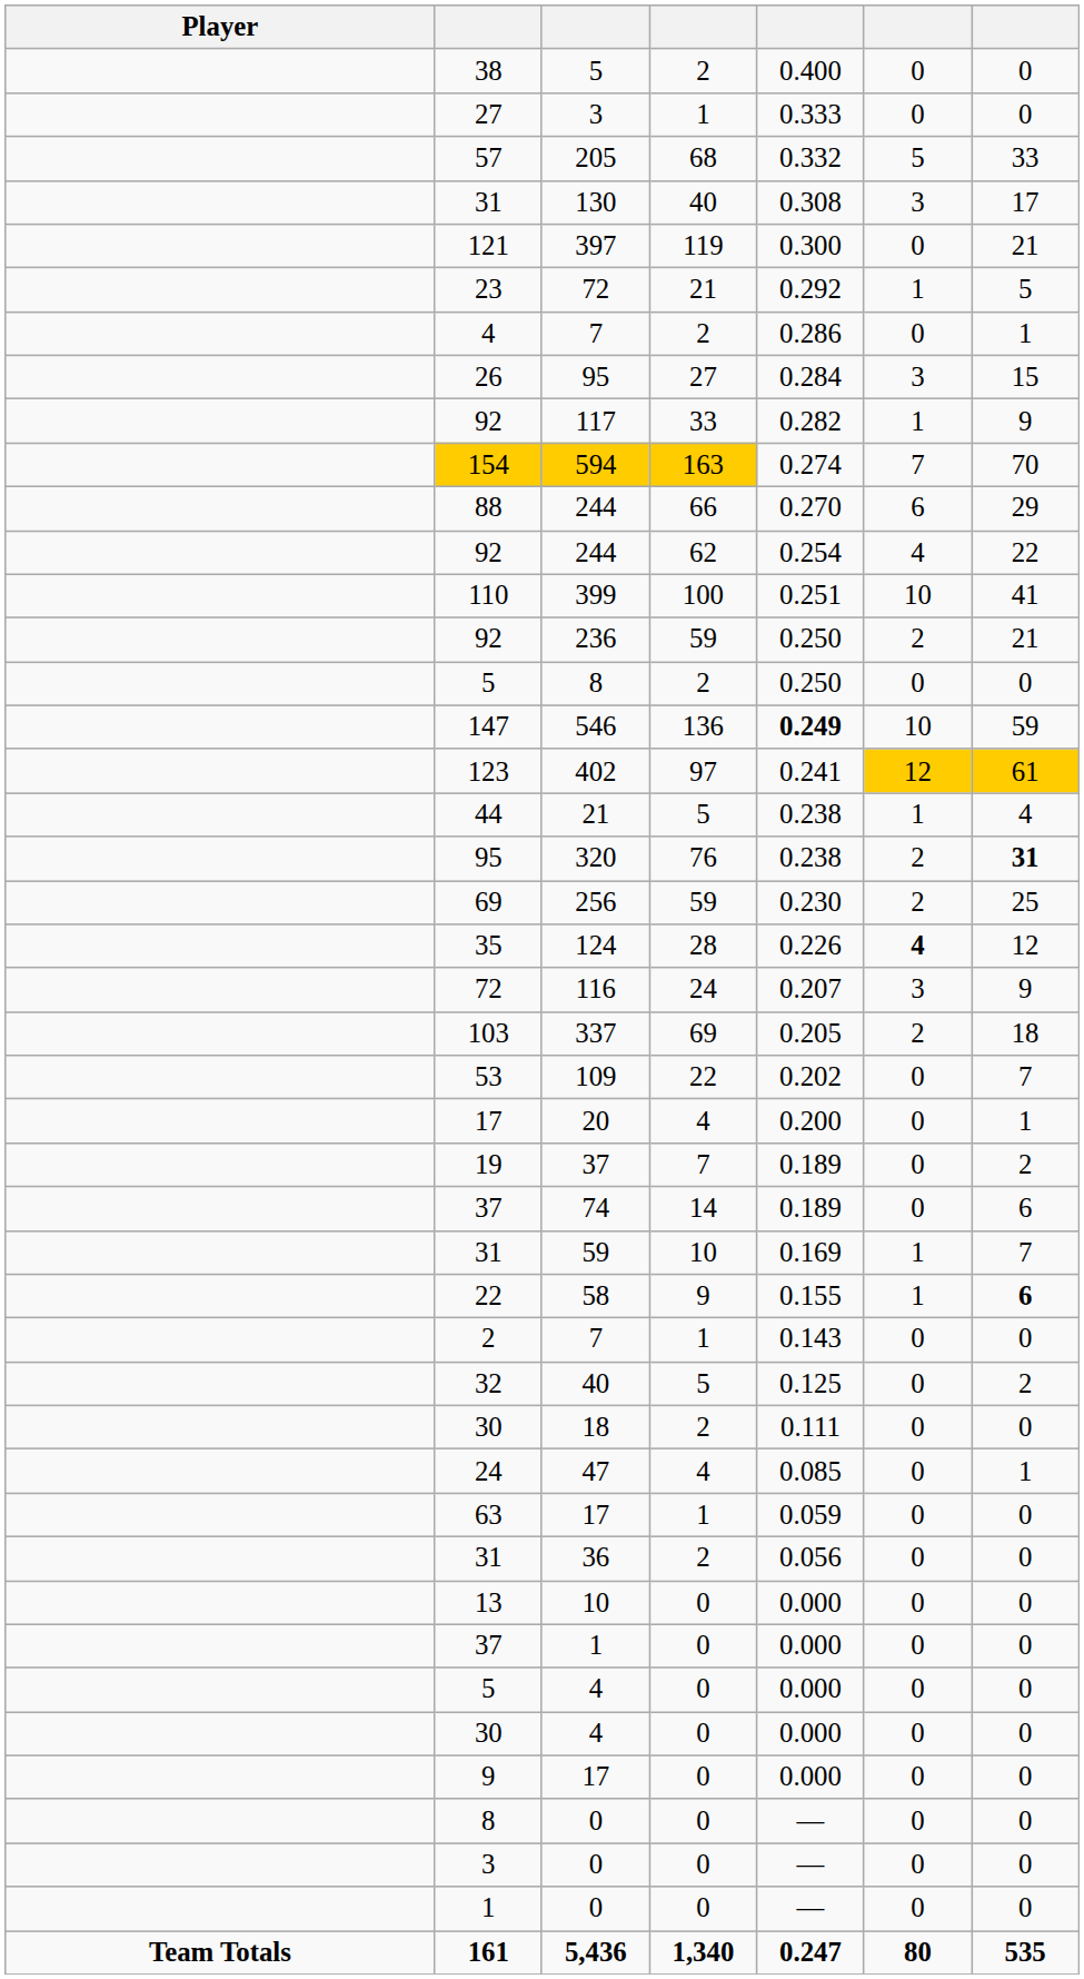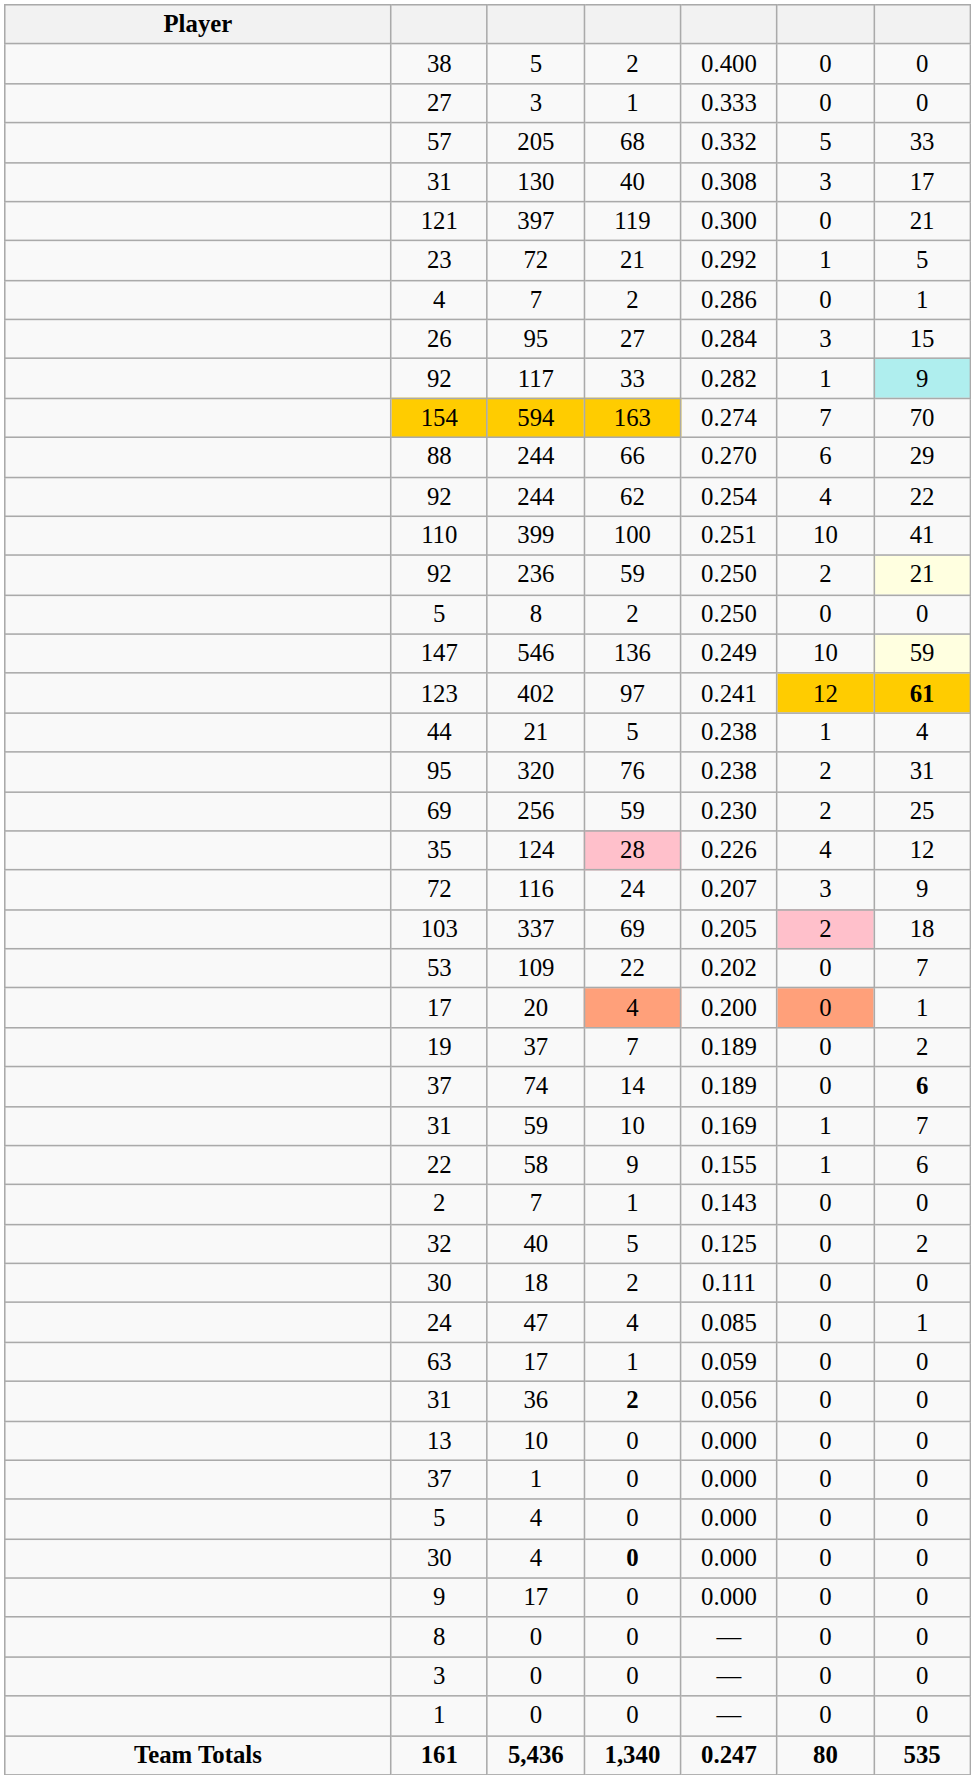 <table class="wikitable sortable" style="text-align:center;" width="100%">
 <tr>
 <th width="40%">Player</th>
 <th width="10%"></th>
 <th width="10%"></th>
 <th width="10%"></th>
 <th width="10%"></th>
 <th width="10%"></th>
 <th width="10%"></th>
 </tr>
 <tr>
 <td></td>
 <td>38</td>
 <td>5</td>
 <td>2</td>
 <td>0.400</td>
 <td>0</td>
 <td>0</td>
 </tr>
 <tr>
 <td></td>
 <td>27</td>
 <td>3</td>
 <td>1</td>
 <td>0.333</td>
 <td>0</td>
 <td>0</td>
 </tr>
 <tr>
 <td></td>
 <td>57</td>
 <td>205</td>
 <td>68</td>
 <td>0.332</td>
 <td>5</td>
 <td>33</td>
 </tr>
 <tr>
 <td></td>
 <td>31</td>
 <td>130</td>
 <td>40</td>
 <td>0.308</td>
 <td>3</td>
 <td>17</td>
 </tr>
 <tr>
 <td></td>
 <td>121</td>
 <td>397</td>
 <td>119</td>
 <td>0.300</td>
 <td>0</td>
 <td>21</td>
 </tr>
 <tr>
 <td></td>
 <td>23</td>
 <td>72</td>
 <td>21</td>
 <td>0.292</td>
 <td>1</td>
 <td>5</td>
 </tr>
 <tr>
 <td></td>
 <td>4</td>
 <td>7</td>
 <td>2</td>
 <td>0.286</td>
 <td>0</td>
 <td>1</td>
 </tr>
 <tr>
 <td></td>
 <td>26</td>
 <td>95</td>
 <td>27</td>
 <td>0.284</td>
 <td>3</td>
 <td>15</td>
 </tr>
 <tr>
 <td></td>
 <td>92</td>
 <td>117</td>
 <td>33</td>
 <td>0.282</td>
 <td>1</td>
-<td>9</td>
+<td style="background: paleturquoise;">9</td>
 </tr>
 <tr>
 <td></td>
 <td style="background:#fc0;">154</td>
 <td style="background:#fc0;">594</td>
 <td style="background:#fc0;">163</td>
 <td>0.274</td>
 <td>7</td>
 <td>70</td>
 </tr>
 <tr>
 <td></td>
 <td>88</td>
 <td>244</td>
 <td>66</td>
 <td>0.270</td>
 <td>6</td>
 <td>29</td>
 </tr>
 <tr>
 <td></td>
 <td>92</td>
 <td>244</td>
 <td>62</td>
 <td>0.254</td>
 <td>4</td>
 <td>22</td>
 </tr>
 <tr>
 <td></td>
 <td>110</td>
 <td>399</td>
 <td>100</td>
 <td>0.251</td>
 <td>10</td>
 <td>41</td>
 </tr>
 <tr>
 <td></td>
 <td>92</td>
 <td>236</td>
 <td>59</td>
 <td>0.250</td>
 <td>2</td>
-<td>21</td>
+<td style="background: lightyellow;">21</td>
 </tr>
 <tr>
 <td></td>
 <td>5</td>
 <td>8</td>
 <td>2</td>
 <td>0.250</td>
 <td>0</td>
 <td>0</td>
 </tr>
 <tr>
 <td></td>
 <td>147</td>
 <td>546</td>
 <td>136</td>
-<td><strong>0.249</strong></td>
+<td>0.249</td>
 <td>10</td>
-<td>59</td>
+<td style="background: lightyellow;">59</td>
 </tr>
 <tr>
 <td></td>
 <td>123</td>
 <td>402</td>
 <td>97</td>
 <td>0.241</td>
 <td style="background:#fc0;">12</td>
-<td style="background:#fc0;">61</td>
+<td style="background:#fc0;"><strong>61</strong></td>
 </tr>
 <tr>
 <td></td>
 <td>44</td>
 <td>21</td>
 <td>5</td>
 <td>0.238</td>
 <td>1</td>
 <td>4</td>
 </tr>
 <tr>
 <td></td>
 <td>95</td>
 <td>320</td>
 <td>76</td>
 <td>0.238</td>
 <td>2</td>
-<td><strong>31</strong></td>
+<td>31</td>
 </tr>
 <tr>
 <td></td>
 <td>69</td>
 <td>256</td>
 <td>59</td>
 <td>0.230</td>
 <td>2</td>
 <td>25</td>
 </tr>
 <tr>
 <td></td>
 <td>35</td>
 <td>124</td>
-<td>28</td>
+<td style="background: pink;">28</td>
 <td>0.226</td>
-<td><strong>4</strong></td>
+<td>4</td>
 <td>12</td>
 </tr>
 <tr>
 <td></td>
 <td>72</td>
 <td>116</td>
 <td>24</td>
 <td>0.207</td>
 <td>3</td>
 <td>9</td>
 </tr>
 <tr>
 <td></td>
 <td>103</td>
 <td>337</td>
 <td>69</td>
 <td>0.205</td>
-<td>2</td>
+<td style="background: pink;">2</td>
 <td>18</td>
 </tr>
 <tr>
 <td></td>
 <td>53</td>
 <td>109</td>
 <td>22</td>
 <td>0.202</td>
 <td>0</td>
 <td>7</td>
 </tr>
 <tr>
 <td></td>
 <td>17</td>
 <td>20</td>
-<td>4</td>
+<td style="background: lightsalmon;">4</td>
 <td>0.200</td>
-<td>0</td>
+<td style="background: lightsalmon;">0</td>
 <td>1</td>
 </tr>
 <tr>
 <td></td>
 <td>19</td>
 <td>37</td>
 <td>7</td>
 <td>0.189</td>
 <td>0</td>
 <td>2</td>
 </tr>
 <tr>
 <td></td>
 <td>37</td>
 <td>74</td>
 <td>14</td>
 <td>0.189</td>
 <td>0</td>
-<td>6</td>
+<td><strong>6</strong></td>
 </tr>
 <tr>
 <td></td>
 <td>31</td>
 <td>59</td>
 <td>10</td>
 <td>0.169</td>
 <td>1</td>
 <td>7</td>
 </tr>
 <tr>
 <td></td>
 <td>22</td>
 <td>58</td>
 <td>9</td>
 <td>0.155</td>
 <td>1</td>
-<td><strong>6</strong></td>
+<td>6</td>
 </tr>
 <tr>
 <td></td>
 <td>2</td>
 <td>7</td>
 <td>1</td>
 <td>0.143</td>
 <td>0</td>
 <td>0</td>
 </tr>
 <tr>
 <td></td>
 <td>32</td>
 <td>40</td>
 <td>5</td>
 <td>0.125</td>
 <td>0</td>
 <td>2</td>
 </tr>
 <tr>
 <td></td>
 <td>30</td>
 <td>18</td>
 <td>2</td>
 <td>0.111</td>
 <td>0</td>
 <td>0</td>
 </tr>
 <tr>
 <td></td>
 <td>24</td>
 <td>47</td>
 <td>4</td>
 <td>0.085</td>
 <td>0</td>
 <td>1</td>
 </tr>
 <tr>
 <td></td>
 <td>63</td>
 <td>17</td>
 <td>1</td>
 <td>0.059</td>
 <td>0</td>
 <td>0</td>
 </tr>
 <tr>
 <td></td>
 <td>31</td>
 <td>36</td>
-<td>2</td>
+<td><strong>2</strong></td>
 <td>0.056</td>
 <td>0</td>
 <td>0</td>
 </tr>
 <tr>
 <td></td>
 <td>13</td>
 <td>10</td>
 <td>0</td>
 <td>0.000</td>
 <td>0</td>
 <td>0</td>
 </tr>
 <tr>
 <td></td>
 <td>37</td>
 <td>1</td>
 <td>0</td>
 <td>0.000</td>
 <td>0</td>
 <td>0</td>
 </tr>
 <tr>
 <td></td>
 <td>5</td>
 <td>4</td>
 <td>0</td>
 <td>0.000</td>
 <td>0</td>
 <td>0</td>
 </tr>
 <tr>
 <td></td>
 <td>30</td>
 <td>4</td>
-<td>0</td>
+<td><strong>0</strong></td>
 <td>0.000</td>
 <td>0</td>
 <td>0</td>
 </tr>
 <tr>
 <td></td>
 <td>9</td>
 <td>17</td>
 <td>0</td>
 <td>0.000</td>
 <td>0</td>
 <td>0</td>
 </tr>
 <tr>
 <td></td>
 <td>8</td>
 <td>0</td>
 <td>0</td>
 <td>—</td>
 <td>0</td>
 <td>0</td>
 </tr>
 <tr>
 <td></td>
 <td>3</td>
 <td>0</td>
 <td>0</td>
 <td>—</td>
 <td>0</td>
 <td>0</td>
 </tr>
 <tr>
 <td></td>
 <td>1</td>
 <td>0</td>
 <td>0</td>
 <td>—</td>
 <td>0</td>
 <td>0</td>
 </tr>
 <tr>
 <td><strong>Team Totals</strong></td>
 <td><strong>161</strong></td>
 <td><strong>5,436</strong></td>
 <td><strong>1,340</strong></td>
 <td><strong>0.247</strong></td>
 <td><strong>80</strong></td>
 <td><strong>535</strong></td>
 </tr>
 </table>
